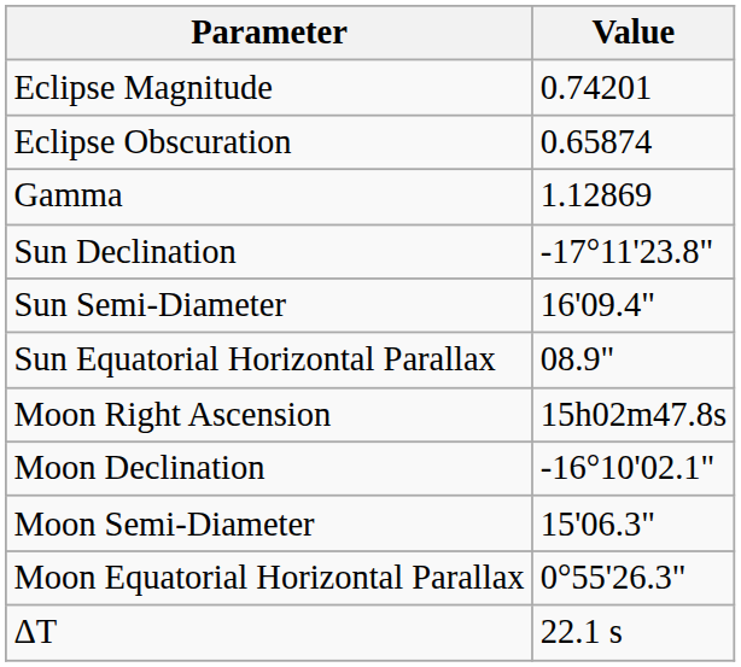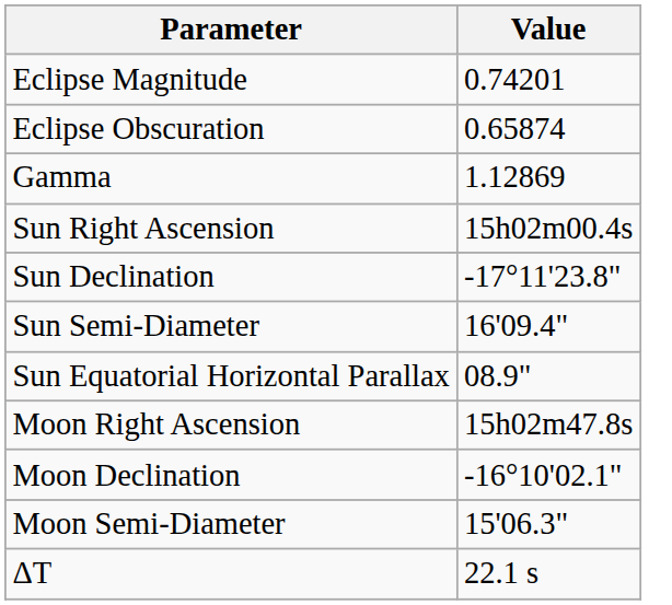 <table class="wikitable">
 <tr>
 <th>Parameter</th>
 <th>Value</th>
 </tr>
 <tr>
 <td>Eclipse Magnitude</td>
 <td>0.74201</td>
 </tr>
 <tr>
 <td>Eclipse Obscuration</td>
 <td>0.65874</td>
 </tr>
 <tr>
 <td>Gamma</td>
 <td>1.12869</td>
+</tr>
+<tr>
+<td>Sun Right Ascension</td>
+<td>15h02m00.4s</td>
 </tr>
 <tr>
 <td>Sun Declination</td>
 <td>-17°11'23.8"</td>
 </tr>
 <tr>
 <td>Sun Semi-Diameter</td>
 <td>16'09.4"</td>
 </tr>
 <tr>
 <td>Sun Equatorial Horizontal Parallax</td>
 <td>08.9"</td>
 </tr>
 <tr>
 <td>Moon Right Ascension</td>
 <td>15h02m47.8s</td>
 </tr>
 <tr>
 <td>Moon Declination</td>
 <td>-16°10'02.1"</td>
 </tr>
 <tr>
 <td>Moon Semi-Diameter</td>
 <td>15'06.3"</td>
 </tr>
 <tr>
-<td>Moon Equatorial Horizontal Parallax</td>
-<td>0°55'26.3"</td>
-</tr>
-<tr>
 <td>ΔT</td>
 <td>22.1 s</td>
 </tr>
 </table>
